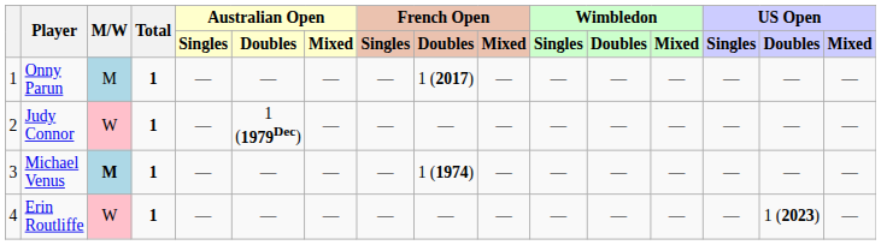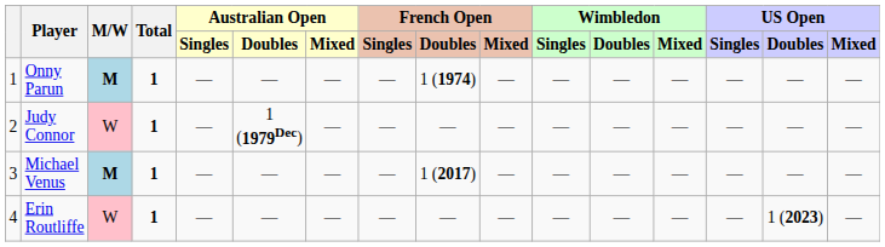 <table class="wikitable mw-datatable sortable" style="text-align:center;">
 <tr>
 <th data-sort-type="number" width="5%" rowspan="2"></th>
 <th width="15%" rowspan="2">Player</th>
 <th width="5%"  rowspan="2">M/W</th>
 <th rowspan="2">Total</th>
 <th colspan="3" style="background:#ffc;">Australian Open</th>
 <th colspan="3" style="background:#ebc2af;">French Open</th>
 <th colspan="3" style="background:#cfc;">Wimbledon</th>
 <th colspan="3" style="background:#ccf;">US Open</th>
 </tr>
 <tr>
 <th style="background:#ffc; width:60px;">Singles</th>
 <th style="background:#ffc; width:60px;">Doubles</th>
 <th style="background:#ffc; width:60px;">Mixed</th>
 <th style="background:#ebc2af; width:60px;">Singles</th>
 <th style="background:#ebc2af; width:60px;">Doubles</th>
 <th style="background:#ebc2af; width:60px;">Mixed</th>
 <th style="background:#cfc; width:60px;">Singles</th>
 <th style="background:#cfc; width:60px;">Doubles</th>
 <th style="background:#cfc; width:60px;">Mixed</th>
 <th style="background:#ccf; width:60px;">Singles</th>
 <th style="background:#ccf; width:60px;">Doubles</th>
 <th style="background:#ccf; width:60px;">Mixed</th>
 </tr>
 <tr>
 <td>1</td>
 <td style="text-align:left"><a href='#'>Onny Parun</a></td>
-<td style="background:lightblue;">M</td>
+<td style="background:lightblue;"><strong>M</strong></td>
 <td><strong>1</strong></td>
 <td>—</td>
 <td>—</td>
 <td>—</td>
 <td>—</td>
-<td>1 (<strong>2017</strong>)</td>
+<td>1 (<strong>1974</strong>)</td>
 <td>—</td>
 <td>—</td>
 <td>—</td>
 <td>—</td>
 <td>—</td>
 <td>—</td>
 <td>—</td>
 </tr>
 <tr>
 <td>2</td>
 <td style="text-align:left"><a href='#'>Judy Connor</a></td>
 <td style="background:pink;">W</td>
 <td><strong>1</strong></td>
 <td>—</td>
 <td>1 (<strong>1979<sup>Dec</sup></strong>)</td>
 <td>—</td>
 <td>—</td>
 <td>—</td>
 <td>—</td>
 <td>—</td>
 <td>—</td>
 <td>—</td>
 <td>—</td>
 <td>—</td>
 <td>—</td>
 </tr>
 <tr>
 <td>3</td>
 <td style="text-align:left"><a href='#'>Michael Venus</a></td>
 <td style="background:lightblue;"><strong>M</strong></td>
 <td><strong>1</strong></td>
 <td>—</td>
 <td>—</td>
 <td>—</td>
 <td>—</td>
-<td>1 (<strong>1974</strong>)</td>
+<td>1 (<strong>2017</strong>)</td>
 <td>—</td>
 <td>—</td>
 <td>—</td>
 <td>—</td>
 <td>—</td>
 <td>—</td>
 <td>—</td>
 </tr>
 <tr>
 <td>4</td>
 <td style="text-align:left"><a href='#'>Erin Routliffe</a></td>
 <td style="background:pink;">W</td>
 <td><strong>1</strong></td>
 <td>—</td>
 <td>—</td>
 <td>—</td>
 <td>—</td>
 <td>—</td>
 <td>—</td>
 <td>—</td>
 <td>—</td>
 <td>—</td>
 <td>—</td>
 <td>1 (<strong>2023</strong>)</td>
 <td>—</td>
 </tr>
 </table>
